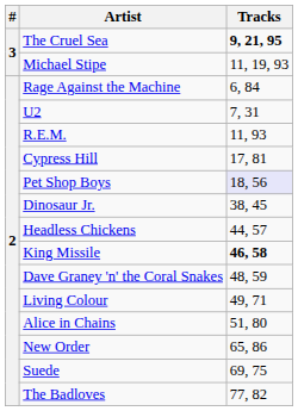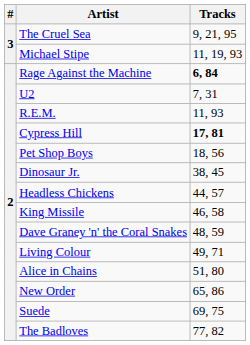 <table class="wikitable sortable">
 <tr>
 <th>#</th>
 <th>Artist</th>
 <th>Tracks</th>
 </tr>
 <tr>
 <th rowspan="2">3</th>
 <td><a href='#'>The Cruel Sea</a></td>
-<td><strong>9, 21, 95</strong></td>
+<td>9, 21, 95</td>
 </tr>
 <tr>
 <td><a href='#'>Michael Stipe</a></td>
 <td>11, 19, 93</td>
 </tr>
 <tr>
 <th rowspan="14">2</th>
 <td><a href='#'>Rage Against the Machine</a></td>
-<td>6, 84</td>
+<td><strong>6, 84</strong></td>
 </tr>
 <tr>
 <td><a href='#'>U2</a></td>
 <td>7, 31</td>
 </tr>
 <tr>
 <td><a href='#'>R.E.M.</a></td>
 <td>11, 93</td>
 </tr>
 <tr>
 <td><a href='#'>Cypress Hill</a></td>
-<td>17, 81</td>
+<td><strong>17, 81</strong></td>
 </tr>
 <tr>
 <td><a href='#'>Pet Shop Boys</a></td>
-<td style="background: lavender;">18, 56</td>
+<td>18, 56</td>
 </tr>
 <tr>
 <td><a href='#'>Dinosaur Jr.</a></td>
 <td>38, 45</td>
 </tr>
 <tr>
 <td><a href='#'>Headless Chickens</a></td>
 <td>44, 57</td>
 </tr>
 <tr>
 <td><a href='#'>King Missile</a></td>
-<td><strong>46, 58</strong></td>
+<td>46, 58</td>
 </tr>
 <tr>
 <td><a href='#'>Dave Graney 'n' the Coral Snakes</a></td>
 <td>48, 59</td>
 </tr>
 <tr>
 <td><a href='#'>Living Colour</a></td>
 <td>49, 71</td>
 </tr>
 <tr>
 <td><a href='#'>Alice in Chains</a></td>
 <td>51, 80</td>
 </tr>
 <tr>
 <td><a href='#'>New Order</a></td>
 <td>65, 86</td>
 </tr>
 <tr>
 <td><a href='#'>Suede</a></td>
 <td>69, 75</td>
 </tr>
 <tr>
 <td><a href='#'>The Badloves</a></td>
 <td>77, 82</td>
 </tr>
 </table>
